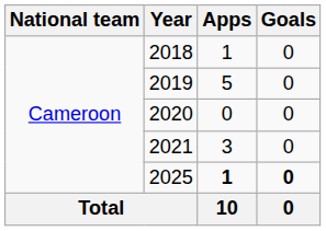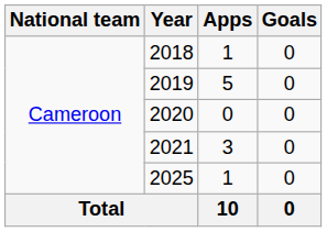 <table class=wikitable style=text-align:center>
 <tr>
 <th>National team</th>
 <th>Year</th>
 <th>Apps</th>
 <th>Goals</th>
 </tr>
 <tr>
 <td rowspan="5"><a href='#'>Cameroon</a></td>
 <td>2018</td>
 <td>1</td>
 <td>0</td>
 </tr>
 <tr>
 <td>2019</td>
 <td>5</td>
 <td>0</td>
 </tr>
 <tr>
 <td>2020</td>
 <td>0</td>
 <td>0</td>
 </tr>
 <tr>
 <td>2021</td>
 <td>3</td>
 <td>0</td>
 </tr>
 <tr>
 <td>2025</td>
-<td><strong>1</strong></td>
-<td><strong>0</strong></td>
+<td>1</td>
+<td>0</td>
 </tr>
 <tr>
 <th colspan="2">Total</th>
 <th>10</th>
 <th>0</th>
 </tr>
 </table>
